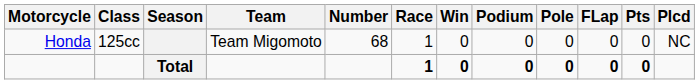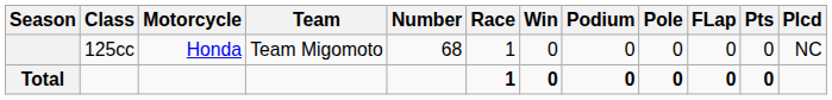 <table class="wikitable">
 <tr>
+<th>Season</th>
+<th>Class</th>
 <th>Motorcycle</th>
-<th>Class</th>
-<th>Season</th>
 <th>Team</th>
 <th>Number</th>
 <th>Race</th>
 <th>Win</th>
 <th>Podium</th>
 <th>Pole</th>
 <th>FLap</th>
 <th>Pts</th>
 <th>Plcd</th>
 </tr>
 <tr align="right">
+<th></th>
+<td>125cc</td>
 <td><a href='#'>Honda</a></td>
-<td>125cc</td>
-<th></th>
 <td>Team Migomoto</td>
 <td>68</td>
 <td>1</td>
 <td>0</td>
 <td>0</td>
 <td>0</td>
 <td>0</td>
 <td>0</td>
 <td>NC</td>
 </tr>
 <tr align="right">
+<th>Total</th>
 <td></td>
 <td></td>
-<th>Total</th>
 <td></td>
 <td></td>
 <td><strong>1</strong></td>
 <td><strong>0</strong></td>
 <td><strong>0</strong></td>
 <td><strong>0</strong></td>
 <td><strong>0</strong></td>
 <td><strong>0</strong></td>
 <td></td>
 </tr>
 </table>
